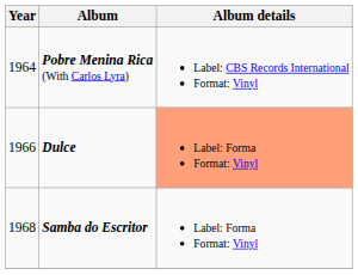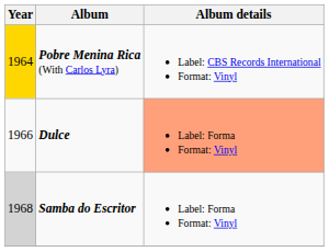 <table class="wikitable">
 <tr>
 <th>Year</th>
 <th>Album</th>
 <th>Album details</th>
 </tr>
 <tr>
-<td>1964</td>
+<td style="background: gold;">1964</td>
 <td><strong><em>Pobre Menina Rica</em></strong><br><small>(With <a href='#'>Carlos Lyra</a>)</small><br></td>
 <td><br><ul><li><small>Label: <a href='#'>CBS Records International</a></small></li><li><small>Format: <a href='#'>Vinyl</a></small></li></ul></td>
 </tr>
 <tr>
 <td>1966</td>
 <td><strong><em>Dulce</em></strong></td>
 <td style="background: lightsalmon;"><br><ul><li><small>Label: Forma</small></li><li><small>Format: <a href='#'>Vinyl</a></small></li></ul></td>
 </tr>
 <tr>
-<td>1968</td>
+<td style="background: lightgrey;">1968</td>
 <td><strong><em>Samba do Escritor</em></strong></td>
 <td><br><ul><li><small>Label: Forma</small></li><li><small>Format: <a href='#'>Vinyl</a></small></li></ul></td>
 </tr>
 <tr>
 </tr>
 </table>
